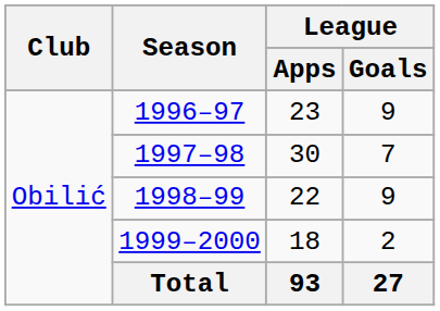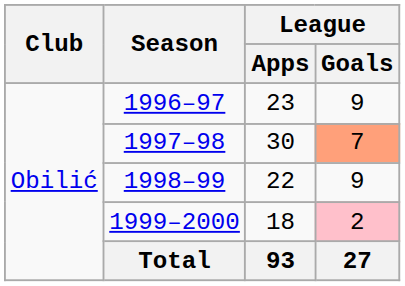 <table class="wikitable" style="text-align:center">
 <tr>
 <th rowspan="2">Club</th>
 <th rowspan="2">Season</th>
 <th colspan="2">League</th>
 </tr>
 <tr>
 <th>Apps</th>
 <th>Goals</th>
 </tr>
 <tr>
 <td rowspan="5"><a href='#'>Obilić</a></td>
 <td><a href='#'>1996–97</a></td>
 <td>23</td>
 <td>9</td>
 </tr>
 <tr>
 <td><a href='#'>1997–98</a></td>
 <td>30</td>
-<td>7</td>
+<td style="background: lightsalmon;">7</td>
 </tr>
 <tr>
 <td><a href='#'>1998–99</a></td>
 <td>22</td>
 <td>9</td>
 </tr>
 <tr>
 <td><a href='#'>1999–2000</a></td>
 <td>18</td>
-<td>2</td>
+<td style="background: pink;">2</td>
 </tr>
 <tr>
 <th>Total</th>
 <th>93</th>
 <th>27</th>
 </tr>
 </table>
